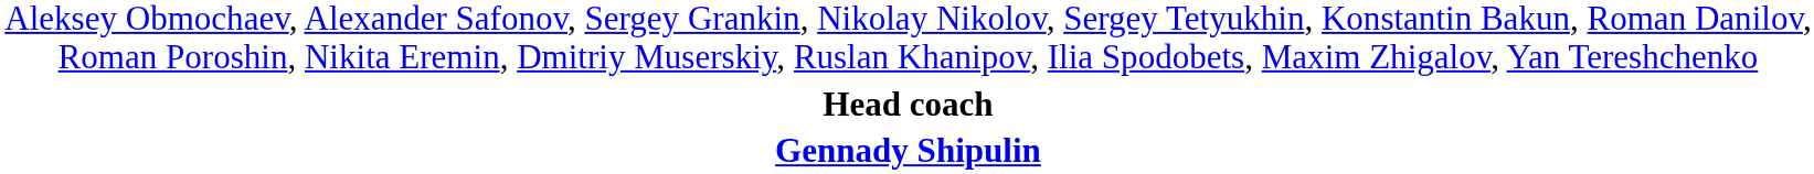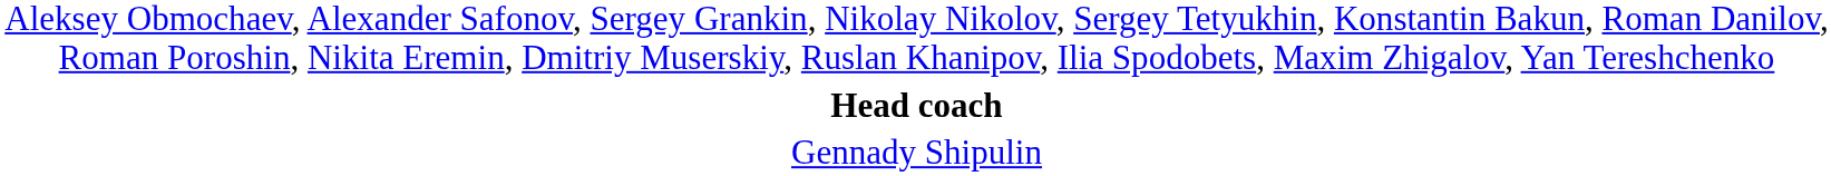 <table style="text-align: center; margin-top: 2em; margin-left: auto; margin-right: auto">
 <tr>
 <td><a href='#'>Aleksey Obmochaev</a>, <a href='#'>Alexander Safonov</a>, <a href='#'>Sergey Grankin</a>, <a href='#'>Nikolay Nikolov</a>, <a href='#'>Sergey Tetyukhin</a>, <a href='#'>Konstantin Bakun</a>, <a href='#'>Roman Danilov</a>, <a href='#'>Roman Poroshin</a>, <a href='#'>Nikita Eremin</a>, <a href='#'>Dmitriy Muserskiy</a>, <a href='#'>Ruslan Khanipov</a>, <a href='#'>Ilia Spodobets</a>, <a href='#'>Maxim Zhigalov</a>, <a href='#'>Yan Tereshchenko</a></td>
 </tr>
 <tr>
 <td><strong>Head coach</strong></td>
 </tr>
 <tr>
-<td><strong><a href='#'>Gennady Shipulin</a></strong></td>
+<td><a href='#'>Gennady Shipulin</a></td>
 </tr>
 </table>
